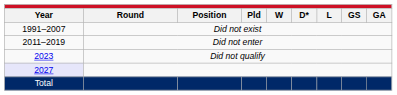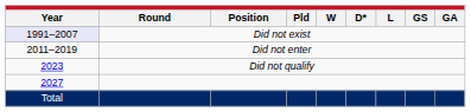 <table class="wikitable" style="text-align: center;font-size:90%;">
 <tr>
 <th colspan="9" style="background: #CE1126; color: #FFFFFF;"><a href='#'></a></th>
 </tr>
 <tr>
 <th width=125>Year</th>
 <th width=150>Round</th>
 <th width=100>Position</th>
 <th width=35>Pld</th>
 <th width=35>W</th>
 <th width=35>D*</th>
 <th width=35>L</th>
 <th width=35>GS</th>
 <th width=35>GA</th>
 </tr>
 <tr>
-<td>1991–2007</td>
+<td style="background: lavender;">1991–2007</td>
 <td colspan="8"><em>Did not exist</em></td>
 </tr>
 <tr>
 <td>2011–2019</td>
 <td colspan="8"><em>Did not enter</em></td>
 </tr>
 <tr>
 <td> <a href='#'>2023</a></td>
 <td colspan="8"><em>Did not qualify</em></td>
 </tr>
 <tr>
-<td style="background: lavender;"> <a href='#'>2027</a></td>
+<td> <a href='#'>2027</a></td>
 <td colspan=8></td>
 </tr>
 <tr>
 <td colspan=1 style="background: #002868; color: #FFFFFF;">Total</td>
 <td style="background: #002868; color: #FFFFFF;"></td>
 <td style="background: #002868; color: #FFFFFF;"></td>
 <td style="background: #002868; color: #FFFFFF;"></td>
 <td style="background: #002868; color: #FFFFFF;"></td>
 <td style="background: #002868; color: #FFFFFF;"></td>
 <td style="background: #002868; color: #FFFFFF;"></td>
 <td style="background: #002868; color: #FFFFFF;"></td>
 <td style="background: #002868; color: #FFFFFF;"></td>
 </tr>
 </table>
